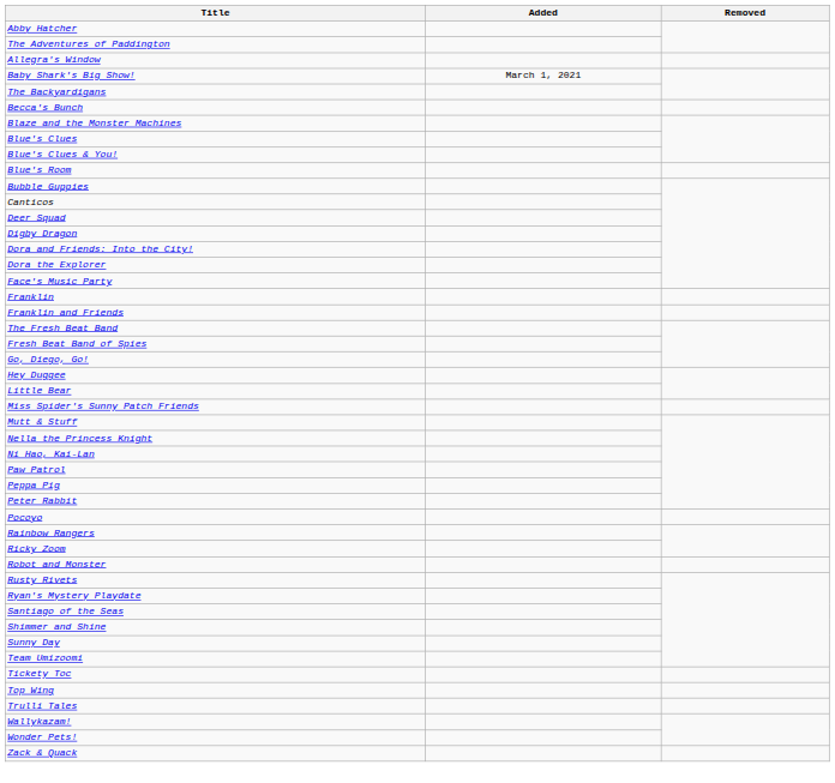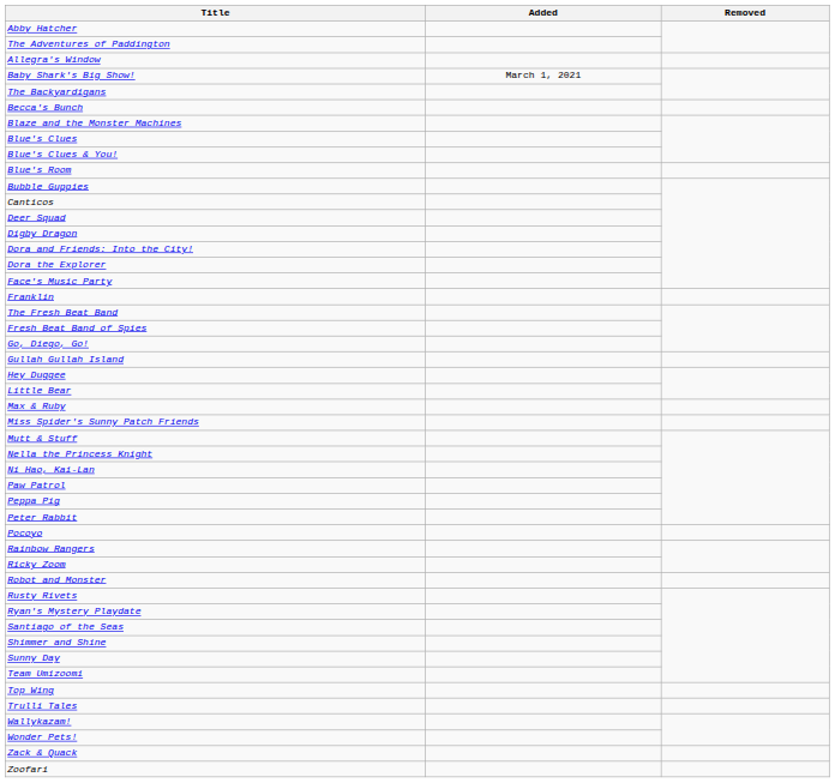 <table class="wikitable sortable" style="width:70%; text-align:center;">
 <tr>
 <th style="width:25%;" scope="col">Title</th>
 <th style="width:14%;" scope="col">Added</th>
 <th scope="col" style="width:10%;">Removed</th>
 </tr>
 <tr>
 <td style="text-align:left; " scope="row"><em><a href='#'>Abby Hatcher</a></em></td>
 <td></td>
 <td rowspan="2"></td>
 </tr>
 <tr>
 <td style="text-align:left; " scope="row"><em><a href='#'>The Adventures of Paddington</a></em></td>
 <td></td>
 </tr>
 <tr>
 <td style="text-align:left; " scope="row"><em><a href='#'>Allegra's Window</a></em></td>
 <td></td>
 <td></td>
 </tr>
 <tr>
 <td style="text-align:left; " scope="row"><em><a href='#'>Baby Shark's Big Show!</a></em></td>
 <td>March 1, 2021</td>
 <td rowspan="2"></td>
 </tr>
 <tr>
 <td style="text-align:left; " scope="row"><em><a href='#'>The Backyardigans</a></em></td>
 <td></td>
 </tr>
 <tr>
 <td style="text-align:left; " scope="row"><em><a href='#'>Becca's Bunch</a></em></td>
 <td></td>
 <td></td>
 </tr>
 <tr>
 <td style="text-align:left; " scope="row"><em><a href='#'>Blaze and the Monster Machines</a></em></td>
 <td></td>
 <td rowspan="3"></td>
 </tr>
 <tr>
 <td style="text-align:left; " scope="row"><em><a href='#'>Blue's Clues</a></em></td>
 <td></td>
 </tr>
 <tr>
 <td style="text-align:left; " scope="row"><em><a href='#'>Blue's Clues & You!</a></em></td>
 <td></td>
 </tr>
 <tr>
 <td style="text-align:left; " scope="row"><em><a href='#'>Blue's Room</a></em></td>
 <td></td>
 <td></td>
 </tr>
 <tr>
 <td style="text-align:left; " scope="row"><em><a href='#'>Bubble Guppies</a></em></td>
 <td></td>
 <td rowspan="7"></td>
 </tr>
 <tr>
 <td style="text-align:left; " scope="row"><em>Canticos</em></td>
 <td></td>
 </tr>
 <tr>
 <td style="text-align:left; " scope="row"><em><a href='#'>Deer Squad</a></em></td>
 <td></td>
 </tr>
 <tr>
 <td style="text-align:left; " scope="row"><em><a href='#'>Digby Dragon</a></em></td>
 <td></td>
 </tr>
 <tr>
 <td style="text-align:left; " scope="row"><em><a href='#'>Dora and Friends: Into the City!</a></em></td>
 <td></td>
 </tr>
 <tr>
 <td style="text-align:left; " scope="row"><em><a href='#'>Dora the Explorer</a></em></td>
 <td></td>
 </tr>
 <tr>
 <td style="text-align:left; " scope="row"><em><a href='#'>Face's Music Party</a></em></td>
 <td></td>
 </tr>
 <tr>
 <td style="text-align:left; " scope="row"><em><a href='#'>Franklin</a></em></td>
 <td></td>
 <td></td>
 </tr>
 <tr>
-<td style="text-align:left; " scope="row"><em><a href='#'>Franklin and Friends</a></em></td>
-<td></td>
-<td></td>
-</tr>
-<tr>
 <td style="text-align:left; " scope="row"><em><a href='#'>The Fresh Beat Band</a></em></td>
 <td></td>
 <td rowspan="3"></td>
 </tr>
 <tr>
 <td style="text-align:left; " scope="row"><em><a href='#'>Fresh Beat Band of Spies</a></em></td>
 <td></td>
 </tr>
 <tr>
 <td style="text-align:left; " scope="row"><em><a href='#'>Go, Diego, Go!</a></em></td>
 <td></td>
 </tr>
 <tr>
+<td style="text-align:left; " scope="row"><em><a href='#'>Gullah Gullah Island</a></em></td>
+<td></td>
+<td></td>
+</tr>
+<tr>
 <td style="text-align:left; " scope="row"><em><a href='#'>Hey Duggee</a></em></td>
 <td></td>
 <td rowspan="2"></td>
 </tr>
 <tr>
 <td style="text-align:left; " scope="row"><em><a href='#'>Little Bear</a></em></td>
+<td></td>
+</tr>
+<tr>
+<td style="text-align:left; " scope="row"><em><a href='#'>Max & Ruby</a></em></td>
+<td></td>
 <td></td>
 </tr>
 <tr>
 <td style="text-align:left; " scope="row"><em><a href='#'>Miss Spider's Sunny Patch Friends</a></em></td>
 <td></td>
 <td></td>
 </tr>
 <tr>
 <td style="text-align:left; " scope="row"><em><a href='#'>Mutt & Stuff</a></em></td>
 <td></td>
 <td rowspan="6"></td>
 </tr>
 <tr>
 <td style="text-align:left; " scope="row"><em><a href='#'>Nella the Princess Knight</a></em></td>
 <td></td>
 </tr>
 <tr>
 <td style="text-align:left; " scope="row"><em><a href='#'>Ni Hao, Kai-Lan</a></em></td>
 <td></td>
 </tr>
 <tr>
 <td style="text-align:left; " scope="row"><em><a href='#'>Paw Patrol</a></em></td>
 <td></td>
 </tr>
 <tr>
 <td style="text-align:left; " scope="row"><em><a href='#'>Peppa Pig</a></em></td>
 <td></td>
 </tr>
 <tr>
 <td style="text-align:left; " scope="row"><em><a href='#'>Peter Rabbit</a></em></td>
 <td></td>
 </tr>
 <tr>
 <td style="text-align:left; " scope="row"><em><a href='#'>Pocoyo</a></em></td>
 <td></td>
 <td></td>
 </tr>
 <tr>
 <td style="text-align:left; " scope="row"><em><a href='#'>Rainbow Rangers</a></em></td>
 <td></td>
 <td rowspan="2"></td>
 </tr>
 <tr>
 <td style="text-align:left; " scope="row"><em><a href='#'>Ricky Zoom</a></em></td>
 <td></td>
 </tr>
 <tr>
 <td style="text-align:left; " scope="row"><em><a href='#'>Robot and Monster</a></em></td>
 <td></td>
 <td></td>
 </tr>
 <tr>
 <td style="text-align:left; " scope="row"><em><a href='#'>Rusty Rivets</a></em></td>
 <td></td>
 <td rowspan="6"></td>
 </tr>
 <tr>
 <td style="text-align:left; " scope="row"><em><a href='#'>Ryan's Mystery Playdate</a></em></td>
 <td></td>
 </tr>
 <tr>
 <td style="text-align:left; " scope="row"><em><a href='#'>Santiago of the Seas</a></em></td>
 <td></td>
 </tr>
 <tr>
 <td style="text-align:left; " scope="row"><em><a href='#'>Shimmer and Shine</a></em></td>
 <td></td>
 </tr>
 <tr>
 <td style="text-align:left; " scope="row"><em><a href='#'>Sunny Day</a></em></td>
 <td></td>
 </tr>
 <tr>
 <td style="text-align:left; " scope="row"><em><a href='#'>Team Umizoomi</a></em></td>
 <td></td>
 </tr>
 <tr>
-<td style="text-align:left; " scope="row"><em><a href='#'>Tickety Toc</a></em></td>
-<td></td>
-<td></td>
-</tr>
-<tr>
 <td style="text-align:left; " scope="row"><em><a href='#'>Top Wing</a></em></td>
 <td></td>
 <td></td>
 </tr>
 <tr>
 <td style="text-align:left; " scope="row"><em><a href='#'>Trulli Tales</a></em></td>
 <td></td>
 <td></td>
 </tr>
 <tr>
 <td style="text-align:left; " scope="row"><em><a href='#'>Wallykazam!</a></em></td>
 <td></td>
 <td rowspan="2"></td>
 </tr>
 <tr>
 <td style="text-align:left; " scope="row"><em><a href='#'>Wonder Pets!</a></em></td>
 <td></td>
 </tr>
 <tr>
 <td style="text-align:left; " scope="row"><em><a href='#'>Zack & Quack</a></em></td>
 <td></td>
 <td></td>
 </tr>
+<tr>
+<td style="text-align:left; " scope="row"><em>Zoofari</em></td>
+<td></td>
+<td></td>
+</tr>
 </table>
